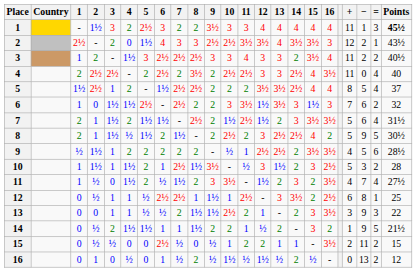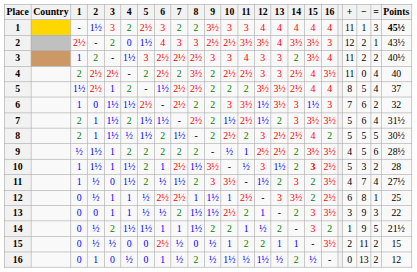 <table class="wikitable" style="text-align:center">
 <tr>
 <th>Place</th>
 <th>Country</th>
 <th>1</th>
 <th>2</th>
 <th>3</th>
 <th>4</th>
 <th>5</th>
 <th>6</th>
 <th>7</th>
 <th>8</th>
 <th>9</th>
 <th>10</th>
 <th>11</th>
 <th>12</th>
 <th>13</th>
 <th>14</th>
 <th>15</th>
 <th>16</th>
 <th></th>
 <th>+</th>
 <th>−</th>
 <th>=</th>
 <th>Points</th>
 </tr>
 <tr>
 <th>1</th>
 <td align=left bgcolor="gold"></td>
 <td>-</td>
 <td style="color: blue;">1½</td>
 <td style="color: red;">3</td>
 <td style="color: green">2</td>
 <td style="color: red;">2½</td>
 <td style="color: red;">3</td>
 <td style="color: green">2</td>
 <td style="color: green">2</td>
 <td style="color: red;">3½</td>
 <td style="color: red;">3</td>
 <td style="color: red;">3</td>
 <td style="color: red;">4</td>
 <td style="color: red;">4</td>
 <td style="color: red;">4</td>
 <td style="color: red;">4</td>
 <td style="color: red;">4</td>
 <th></th>
 <td>11</td>
 <td>1</td>
 <td>3</td>
 <td><strong>45½</strong></td>
 </tr>
 <tr>
 <th>2</th>
 <td align=left bgcolor="silver"></td>
 <td style="color: red;">2½</td>
 <td>-</td>
 <td style="color: green">2</td>
 <td style="color: blue;">0</td>
 <td style="color: blue;">1½</td>
 <td style="color: red;">4</td>
 <td style="color: red;">3</td>
 <td style="color: red;">3</td>
 <td style="color: red;">2½</td>
 <td style="color: red;">2½</td>
 <td style="color: red;">3½</td>
 <td style="color: red;">3½</td>
 <td style="color: red;">4</td>
 <td style="color: red;">3½</td>
 <td style="color: red;">3½</td>
 <td style="color: red;">3</td>
 <th></th>
 <td>12</td>
 <td>2</td>
 <td>1</td>
 <td>43½</td>
 </tr>
 <tr>
 <th>3</th>
 <td align=left bgcolor="CC9966"></td>
 <td style="color: blue;">1</td>
 <td style="color: green">2</td>
 <td>-</td>
 <td style="color: blue;">1½</td>
 <td style="color: red;">3</td>
 <td style="color: red;">2½</td>
 <td style="color: red;">2½</td>
 <td style="color: red;">2½</td>
 <td style="color: red;">3</td>
 <td style="color: red;">3</td>
 <td style="color: red;">4</td>
 <td style="color: red;">3</td>
 <td style="color: red;">3</td>
 <td style="color: green">2</td>
 <td style="color: red;">3½</td>
 <td style="color: red;">4</td>
 <th></th>
 <td>11</td>
 <td>2</td>
 <td>2</td>
 <td>40½</td>
 </tr>
 <tr>
 <th>4</th>
 <td align=left></td>
 <td style="color: green">2</td>
 <td style="color: red;">2½</td>
 <td style="color: red;">2½</td>
 <td>-</td>
 <td style="color: green">2</td>
 <td style="color: red;">2½</td>
 <td style="color: green">2</td>
 <td style="color: red;">3½</td>
 <td style="color: green">2</td>
 <td style="color: red;">2½</td>
 <td style="color: red;">2½</td>
 <td style="color: red;">3</td>
 <td style="color: red;">3</td>
 <td style="color: red;">2½</td>
 <td style="color: red;">4</td>
 <td style="color: red;">3½</td>
 <th></th>
 <td>11</td>
 <td>0</td>
 <td>4</td>
 <td>40</td>
 </tr>
 <tr>
 <th>5</th>
 <td align=left></td>
 <td style="color: blue;">1½</td>
 <td style="color: red;">2½</td>
 <td style="color: blue;">1</td>
 <td style="color: green">2</td>
 <td>-</td>
 <td style="color: blue;">1½</td>
 <td style="color: red;">2½</td>
 <td style="color: red;">2½</td>
 <td style="color: green">2</td>
 <td style="color: green">2</td>
 <td style="color: green">2</td>
 <td style="color: red;">3½</td>
 <td style="color: red;">3½</td>
 <td style="color: red;">2½</td>
 <td style="color: red;">4</td>
 <td style="color: red;">4</td>
 <th></th>
 <td>8</td>
 <td>5</td>
 <td>4</td>
 <td>37</td>
 </tr>
 <tr>
 <th>6</th>
 <td align=left></td>
 <td style="color: blue;">1</td>
 <td style="color: blue;">0</td>
 <td style="color: blue;">1½</td>
 <td style="color: blue;">1½</td>
 <td style="color: red;">2½</td>
 <td>-</td>
 <td style="color: red;">2½</td>
 <td style="color: green">2</td>
 <td style="color: green">2</td>
 <td style="color: red;">3</td>
 <td style="color: red;">3½</td>
 <td style="color: blue;">1½</td>
 <td style="color: red;">3½</td>
 <td style="color: red;">3</td>
 <td style="color: blue;">1½</td>
 <td style="color: red;">3</td>
 <th></th>
 <td>7</td>
 <td>6</td>
 <td>2</td>
 <td>32</td>
 </tr>
 <tr>
 <th>7</th>
 <td align=left></td>
 <td style="color: green">2</td>
 <td style="color: blue;">1</td>
 <td style="color: blue;">1½</td>
 <td style="color: green">2</td>
 <td style="color: blue;">1½</td>
 <td style="color: blue;">1½</td>
 <td>-</td>
 <td style="color: red;">2½</td>
 <td style="color: green">2</td>
 <td style="color: blue;">1½</td>
 <td style="color: red;">2½</td>
 <td style="color: blue;">1½</td>
 <td style="color: green">2</td>
 <td style="color: red;">3</td>
 <td style="color: red;">3½</td>
 <td style="color: red;">3½</td>
 <th></th>
 <td>5</td>
 <td>6</td>
 <td>4</td>
 <td>31½</td>
 </tr>
 <tr>
 <th>8</th>
 <td align=left></td>
 <td style="color: green">2</td>
 <td style="color: blue;">1</td>
 <td style="color: blue;">1½</td>
 <td style="color: blue;">½</td>
 <td style="color: blue;">1½</td>
 <td style="color: green">2</td>
 <td style="color: blue;">1½</td>
 <td>-</td>
 <td style="color: green">2</td>
 <td style="color: red;">2½</td>
 <td style="color: green">2</td>
 <td style="color: red;">3</td>
 <td style="color: red;">2½</td>
 <td style="color: red;">2½</td>
 <td style="color: red;">4</td>
 <td style="color: green">2</td>
 <th></th>
 <td>5</td>
-<td>9</td>
+<td>5</td>
 <td>5</td>
 <td>30½</td>
 </tr>
 <tr>
 <th>9</th>
 <td align=left></td>
 <td style="color: blue;">½</td>
 <td style="color: blue;">1½</td>
 <td style="color: blue;">1</td>
 <td style="color: green">2</td>
 <td style="color: green">2</td>
 <td style="color: green">2</td>
 <td style="color: green">2</td>
 <td style="color: green">2</td>
 <td>-</td>
 <td style="color: blue;">½</td>
 <td style="color: blue;">1</td>
 <td style="color: red;">2½</td>
 <td style="color: red;">2½</td>
 <td style="color: green">2</td>
 <td style="color: red;">3½</td>
 <td style="color: red;">3½</td>
 <th></th>
 <td>4</td>
 <td>5</td>
 <td>6</td>
 <td>28½</td>
 </tr>
 <tr>
 <th>10</th>
 <td align=left></td>
 <td style="color: blue;">1</td>
 <td style="color: blue;">1½</td>
 <td style="color: blue;">1</td>
 <td style="color: blue;">1½</td>
 <td style="color: green">2</td>
 <td style="color: blue;">1</td>
 <td style="color: red;">2½</td>
 <td style="color: blue;">1½</td>
 <td style="color: red;">3½</td>
 <td>-</td>
 <td style="color: blue;">½</td>
 <td style="color: red;">3</td>
 <td style="color: blue;">1½</td>
 <td style="color: green">2</td>
-<td style="color: red;">3</td>
+<td style="color: red;"><strong>3</strong></td>
 <td style="color: red;">2½</td>
 <th></th>
 <td>5</td>
 <td>3</td>
 <td>2</td>
 <td>28</td>
 </tr>
 <tr>
 <th>11</th>
 <td align=left></td>
 <td style="color: blue;">1</td>
 <td style="color: blue;">½</td>
 <td style="color: blue;">0</td>
 <td style="color: blue;">1½</td>
 <td style="color: green">2</td>
 <td style="color: blue;">½</td>
 <td style="color: blue;">1½</td>
 <td style="color: green">2</td>
 <td style="color: red;">3</td>
 <td style="color: red;">3½</td>
 <td>-</td>
 <td style="color: blue;">1½</td>
 <td style="color: green">2</td>
 <td style="color: red;">3</td>
 <td style="color: green">2</td>
 <td style="color: red;">3½</td>
 <th></th>
 <td>4</td>
 <td>7</td>
 <td>4</td>
 <td>27½</td>
 </tr>
 <tr>
 <th>12</th>
 <td align=left></td>
 <td style="color: blue;">0</td>
 <td style="color: blue;">½</td>
 <td style="color: blue;">1</td>
 <td style="color: blue;">1</td>
 <td style="color: blue;">½</td>
 <td style="color: red;">2½</td>
 <td style="color: red;">2½</td>
 <td style="color: blue;">1</td>
 <td style="color: blue;">1½</td>
 <td style="color: blue;">1</td>
 <td style="color: red;">2½</td>
 <td>-</td>
 <td style="color: red;">3</td>
 <td style="color: red;">3½</td>
 <td style="color: green">2</td>
 <td style="color: red;">2½</td>
 <th></th>
 <td>6</td>
 <td>8</td>
 <td>1</td>
 <td>25</td>
 </tr>
 <tr>
 <th>13</th>
 <td align=left></td>
 <td style="color: blue;">0</td>
 <td style="color: blue;">0</td>
 <td style="color: blue;">1</td>
 <td style="color: blue;">1</td>
 <td style="color: blue;">½</td>
 <td style="color: blue;">½</td>
 <td style="color: green">2</td>
 <td style="color: blue;">1½</td>
 <td style="color: blue;">1½</td>
 <td style="color: red;">2½</td>
 <td style="color: green">2</td>
 <td style="color: blue;">1</td>
 <td>-</td>
 <td style="color: green">2</td>
 <td style="color: red;">3</td>
 <td style="color: red;">3½</td>
 <th></th>
 <td>3</td>
 <td>9</td>
 <td>3</td>
 <td>22</td>
 </tr>
 <tr>
 <th>14</th>
 <td align=left></td>
 <td style="color: blue;">0</td>
 <td style="color: blue;">½</td>
 <td style="color: green">2</td>
 <td style="color: blue;">1½</td>
 <td style="color: blue;">1½</td>
 <td style="color: blue;">1</td>
 <td style="color: blue;">1</td>
 <td style="color: blue;">1½</td>
 <td style="color: green">2</td>
 <td style="color: green">2</td>
 <td style="color: blue;">1</td>
 <td style="color: blue;">½</td>
 <td style="color: green">2</td>
 <td>-</td>
 <td style="color: red;">3</td>
 <td style="color: green">2</td>
 <th></th>
 <td>1</td>
 <td>9</td>
 <td>5</td>
 <td>21½</td>
 </tr>
 <tr>
 <th>15</th>
 <td align=left></td>
 <td style="color: blue;">0</td>
 <td style="color: blue;">½</td>
 <td style="color: blue;">½</td>
 <td style="color: blue;">0</td>
 <td style="color: blue;">0</td>
 <td style="color: red;">2½</td>
 <td style="color: blue;">½</td>
 <td style="color: blue;">0</td>
 <td style="color: blue;">½</td>
 <td style="color: blue;">1</td>
 <td style="color: green">2</td>
 <td style="color: green">2</td>
 <td style="color: blue;">1</td>
 <td style="color: blue;">1</td>
 <td>-</td>
 <td style="color: red;">3½</td>
 <th></th>
 <td>2</td>
 <td>11</td>
 <td>2</td>
 <td>15</td>
 </tr>
 <tr>
 <th>16</th>
 <td align=left></td>
 <td style="color: blue;">0</td>
 <td style="color: blue;">1</td>
 <td style="color: blue;">0</td>
 <td style="color: blue;">½</td>
 <td style="color: blue;">0</td>
 <td style="color: blue;">1</td>
 <td style="color: blue;">½</td>
 <td style="color: green">2</td>
 <td style="color: blue;">½</td>
 <td style="color: blue;">1½</td>
 <td style="color: blue;">½</td>
 <td style="color: blue;">1½</td>
 <td style="color: blue;">½</td>
 <td style="color: green">2</td>
 <td style="color: blue;">½</td>
 <td>-</td>
 <th></th>
 <td>0</td>
 <td>13</td>
 <td>2</td>
 <td>12</td>
 </tr>
 </table>
